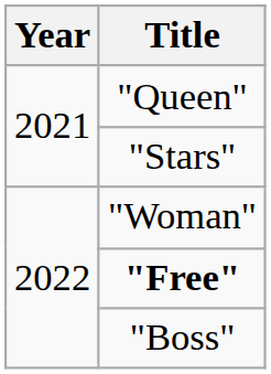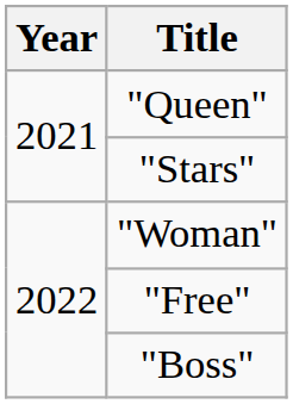 <table class="wikitable plainrowheaders" style="text-align:center;">
 <tr>
 <th>Year</th>
 <th>Title</th>
 </tr>
 <tr>
 <td rowspan="2">2021</td>
 <td>"Queen"</td>
 </tr>
 <tr>
 <td>"Stars"</td>
 </tr>
 <tr>
 <td rowspan="3">2022</td>
 <td>"Woman"</td>
 </tr>
 <tr>
-<td><strong>"Free"</strong></td>
+<td>"Free"</td>
 </tr>
 <tr>
 <td>"Boss"</td>
 </tr>
 </table>
